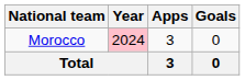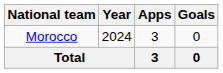 <table class="wikitable" style="text-align:center">
 <tr>
 <th>National team</th>
 <th>Year</th>
 <th>Apps</th>
 <th>Goals</th>
 </tr>
 <tr>
 <td><a href='#'>Morocco</a></td>
-<td style="background: pink;">2024</td>
+<td>2024</td>
 <td>3</td>
 <td>0</td>
 </tr>
 <tr>
 <th colspan="2">Total</th>
 <th>3</th>
 <th>0</th>
 </tr>
 </table>
